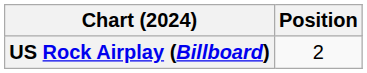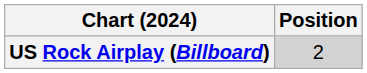 <table class="wikitable plainrowheaders" style="text-align:center">
 <tr>
 <th scope="col">Chart (2024)</th>
 <th scope="col">Position</th>
 </tr>
 <tr>
 <th scope="row">US <a href='#'>Rock Airplay</a> (<em><a href='#'>Billboard</a></em>)</th>
-<td>2</td>
+<td style="background: lightgrey;">2</td>
 </tr>
 </table>
